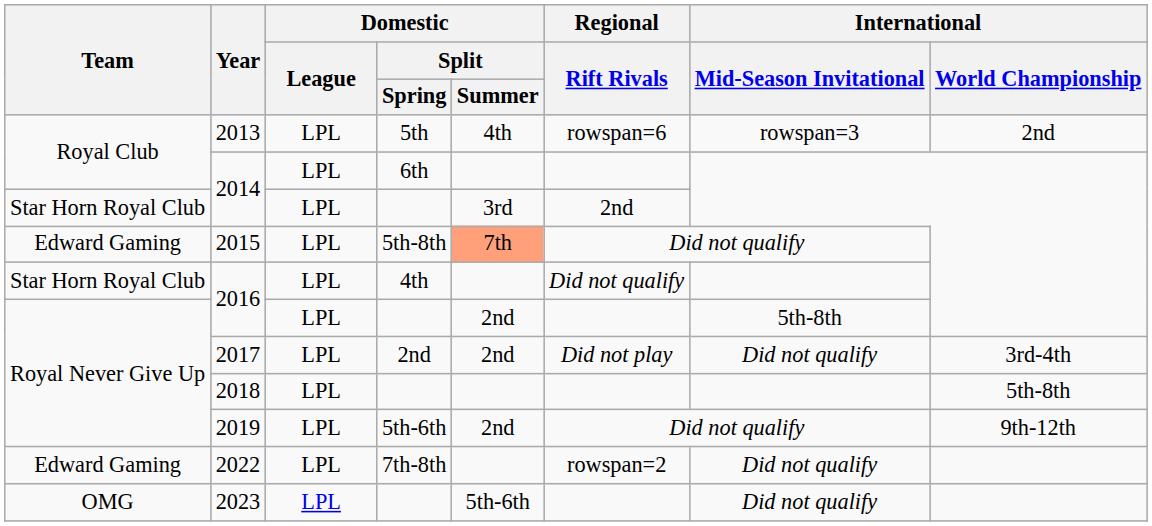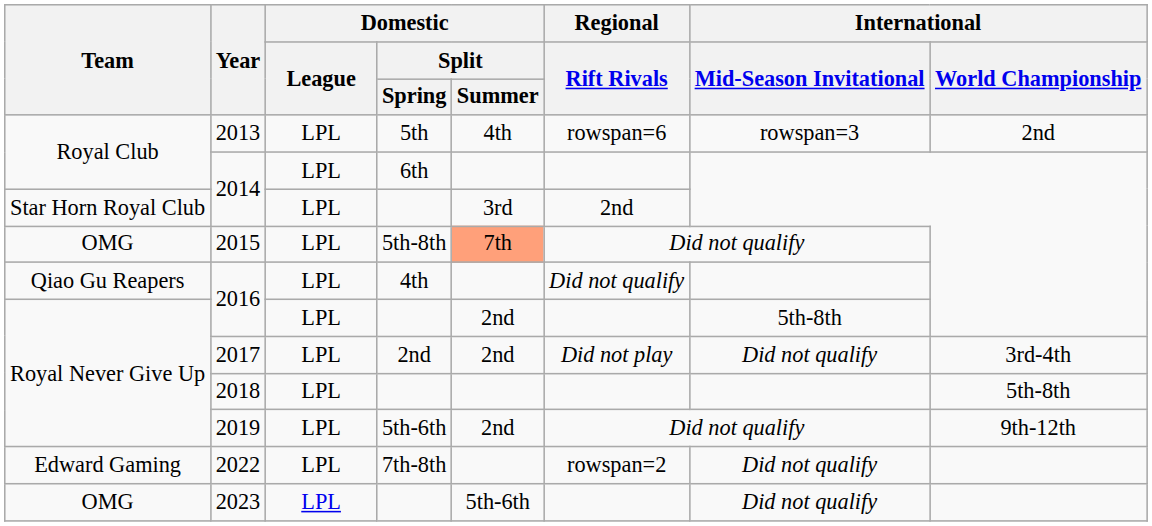 <table class="wikitable" style="font-size:90%; text-align:center;">
 <tr style="background:#f0f6ff;">
 <th rowspan=3>Team</th>
 <th rowspan=3>Year</th>
 <th colspan=3>Domestic</th>
 <th>Regional</th>
 <th colspan=2>International</th>
 </tr>
 <tr>
 <th width=65px rowspan=2>League</th>
 <th colspan=2>Split</th>
 <th rowspan=2><a href='#'>Rift Rivals</a></th>
 <th rowspan=2><a href='#'>Mid-Season Invitational</a></th>
 <th rowspan=2><a href='#'>World Championship</a></th>
 </tr>
 <tr>
 <th>Spring</th>
 <th>Summer</th>
 </tr>
 <tr>
 <td rowspan=2>Royal Club</td>
 <td>2013</td>
 <td>LPL</td>
 <td>5th</td>
 <td>4th</td>
 <td>rowspan=6 </td>
 <td>rowspan=3 </td>
 <td>2nd</td>
 </tr>
 <tr>
 <td rowspan=2>2014</td>
 <td>LPL</td>
 <td>6th</td>
 <td></td>
 <td></td>
 </tr>
 <tr>
 <td>Star Horn Royal Club</td>
 <td>LPL</td>
 <td></td>
 <td>3rd</td>
 <td>2nd</td>
 </tr>
 <tr>
-<td>Edward Gaming</td>
+<td>OMG</td>
 <td>2015</td>
 <td>LPL</td>
 <td>5th-8th</td>
 <td style="background: lightsalmon;">7th</td>
 <td colspan=2><em>Did not qualify</em></td>
 </tr>
 <tr>
-<td>Star Horn Royal Club</td>
+<td>Qiao Gu Reapers</td>
 <td rowspan=2>2016</td>
 <td>LPL</td>
 <td>4th</td>
 <td></td>
 <td><em>Did not qualify</em></td>
 <td></td>
 </tr>
 <tr>
 <td rowspan=4>Royal Never Give Up</td>
 <td>LPL</td>
 <td></td>
 <td>2nd</td>
 <td></td>
 <td>5th-8th</td>
 </tr>
 <tr>
 <td>2017</td>
 <td>LPL</td>
 <td>2nd</td>
 <td>2nd</td>
 <td><em>Did not play</em></td>
 <td><em>Did not qualify</em></td>
 <td>3rd-4th</td>
 </tr>
 <tr>
 <td>2018</td>
 <td>LPL</td>
 <td></td>
 <td></td>
 <td></td>
 <td></td>
 <td>5th-8th</td>
 </tr>
 <tr>
 <td>2019</td>
 <td>LPL</td>
 <td>5th-6th</td>
 <td>2nd</td>
 <td colspan=2><em>Did not qualify</em></td>
 <td>9th-12th</td>
 </tr>
 <tr>
 <td>Edward Gaming</td>
 <td>2022</td>
 <td>LPL</td>
 <td>7th-8th</td>
 <td></td>
 <td>rowspan=2 </td>
 <td><em>Did not qualify</em></td>
 <td></td>
 </tr>
 <tr>
 <td>OMG</td>
 <td>2023</td>
 <td><a href='#'>LPL</a></td>
 <td></td>
 <td>5th-6th</td>
 <td></td>
 <td><em>Did not qualify</em></td>
 </tr>
 </table>
